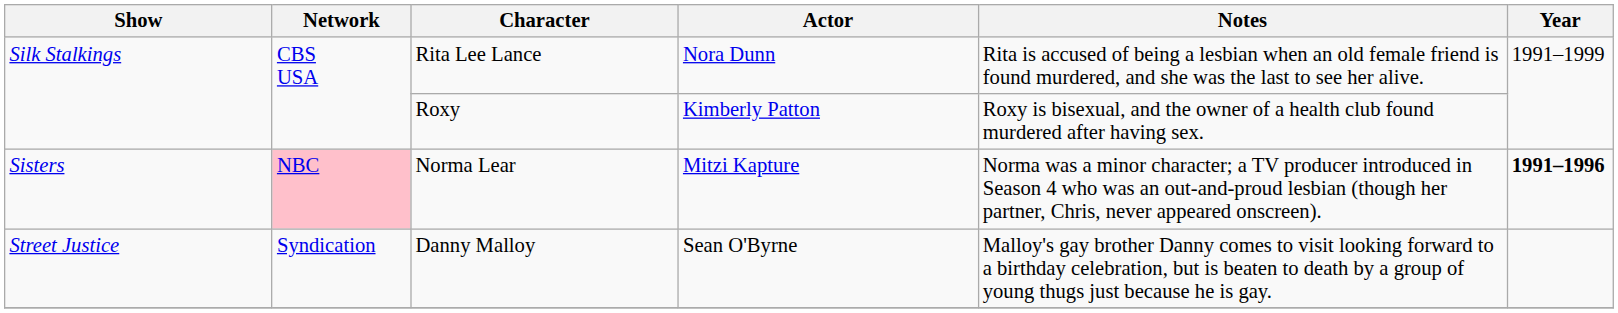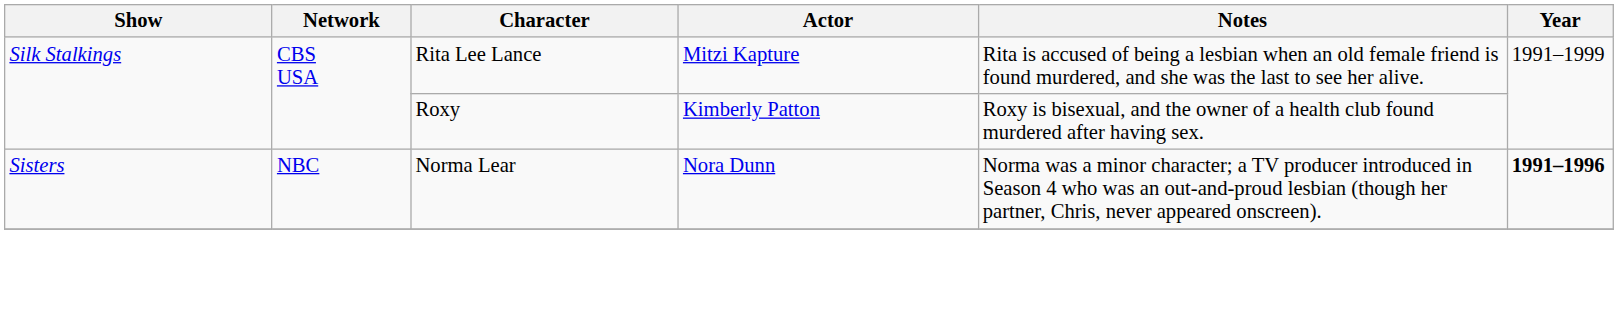 <table class="sortable wikitable" style="margins:auto; width=100%;">
 <tr>
 <th style="width:200px;">Show</th>
 <th style="width:100px;">Network</th>
 <th style="width:200px;">Character</th>
 <th style="width:225px;">Actor</th>
 <th>Notes</th>
 <th style="width:75px;">Year</th>
 </tr>
 <tr valign="top">
 <td rowspan="2"><em><a href='#'>Silk Stalkings</a></em></td>
 <td rowspan="2"><a href='#'>CBS</a> <br> <a href='#'>USA</a></td>
 <td>Rita Lee Lance</td>
-<td><a href='#'>Nora Dunn</a></td>
+<td><a href='#'>Mitzi Kapture</a></td>
 <td>Rita is accused of being a lesbian when an old female friend is found murdered, and she was the last to see her alive.</td>
 <td rowspan="2">1991–1999</td>
 </tr>
 <tr valign="top">
 <td>Roxy</td>
 <td><a href='#'>Kimberly Patton</a></td>
 <td>Roxy is bisexual, and the owner of a health club found murdered after having sex.</td>
 </tr>
 <tr valign="top">
 <td><em><a href='#'>Sisters</a></em></td>
-<td style="background: pink;"><a href='#'>NBC</a></td>
+<td><a href='#'>NBC</a></td>
 <td>Norma Lear</td>
-<td><a href='#'>Mitzi Kapture</a></td>
+<td><a href='#'>Nora Dunn</a></td>
 <td>Norma was a minor character; a TV producer introduced in Season 4 who was an out-and-proud lesbian (though her partner, Chris, never appeared onscreen).</td>
 <td><strong>1991–1996</strong></td>
 </tr>
 <tr valign="top">
-<td><em><a href='#'>Street Justice</a></em></td>
-<td><a href='#'>Syndication</a></td>
-<td>Danny Malloy</td>
-<td>Sean O'Byrne</td>
-<td>Malloy's gay brother Danny comes to visit looking forward to a birthday celebration, but is beaten to death by a group of young thugs just because he is gay.</td>
-<td></td>
-</tr>
-<tr valign="top">
 </tr>
 </table>
